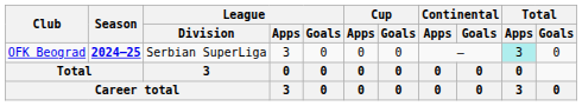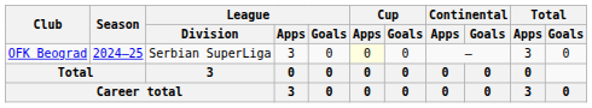 <table class="wikitable" style="text-align:center">
 <tr>
 <th rowspan="2">Club</th>
 <th rowspan="2">Season</th>
 <th colspan="3">League</th>
 <th colspan="2">Cup</th>
 <th colspan="2">Continental</th>
 <th colspan="2">Total</th>
 </tr>
 <tr>
 <th>Division</th>
 <th>Apps</th>
 <th>Goals</th>
 <th>Apps</th>
 <th>Goals</th>
 <th>Apps</th>
 <th>Goals</th>
 <th>Apps</th>
 <th>Goals</th>
 </tr>
 <tr>
 <td><a href='#'>OFK Beograd</a></td>
-<td><strong><a href='#'>2024–25</a></strong></td>
+<td><a href='#'>2024–25</a></td>
 <td>Serbian SuperLiga</td>
 <td>3</td>
 <td>0</td>
-<td>0</td>
+<td style="background: lightyellow;">0</td>
 <td>0</td>
 <td colspan="2">—</td>
-<td style="background: paleturquoise;">3</td>
+<td>3</td>
 <td>0</td>
 </tr>
 <tr>
 <th colspan="2">Total</th>
 <th>3</th>
 <th>0</th>
 <th>0</th>
 <th>0</th>
 <th>0</th>
 <th>0</th>
 <th>0</th>
 <th>0</th>
 </tr>
 <tr>
 <th colspan="3">Career total</th>
 <th>3</th>
 <th>0</th>
 <th>0</th>
 <th>0</th>
 <th>0</th>
 <th>0</th>
 <th>3</th>
 <th>0</th>
 </tr>
 </table>
